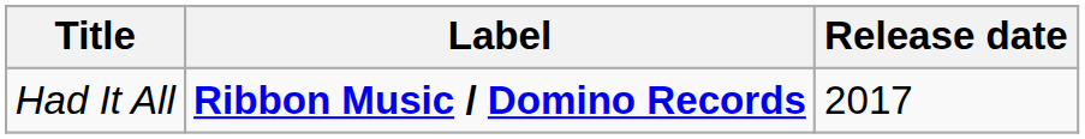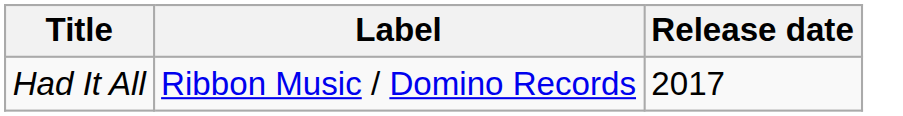 <table class="wikitable">
 <tr>
 <th>Title</th>
 <th>Label</th>
 <th>Release date</th>
 </tr>
 <tr>
 <td><em>Had It All</em></td>
-<td><strong><a href='#'>Ribbon Music</a> / <a href='#'>Domino Records</a></strong></td>
+<td><a href='#'>Ribbon Music</a> / <a href='#'>Domino Records</a></td>
 <td>2017</td>
 </tr>
 </table>
